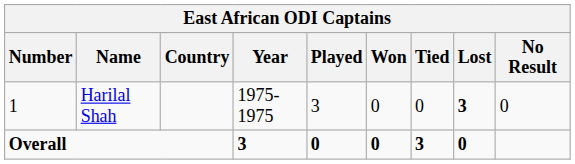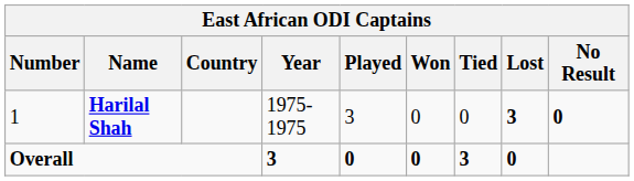 <table class="wikitable" width="40%">
 <tr>
 <th bgcolor="#efefef" colspan=9>East African ODI Captains</th>
 </tr>
 <tr bgcolor="#efefef">
 <th>Number</th>
 <th>Name</th>
 <th>Country</th>
 <th>Year</th>
 <th>Played</th>
 <th>Won</th>
 <th>Tied</th>
 <th>Lost</th>
 <th>No Result</th>
 </tr>
 <tr>
 <td>1</td>
-<td><a href='#'>Harilal Shah</a></td>
+<td><strong><a href='#'>Harilal Shah</a></strong></td>
 <td></td>
 <td>1975-1975</td>
 <td>3</td>
 <td>0</td>
 <td>0</td>
 <td><strong>3</strong></td>
-<td>0</td>
+<td><strong>0</strong></td>
 </tr>
 <tr>
 <td colspan=3><strong>Overall</strong></td>
 <td><strong>3</strong></td>
 <td><strong>0</strong></td>
 <td><strong>0</strong></td>
 <td><strong>3</strong></td>
 <td><strong>0</strong></td>
 </tr>
 </table>
